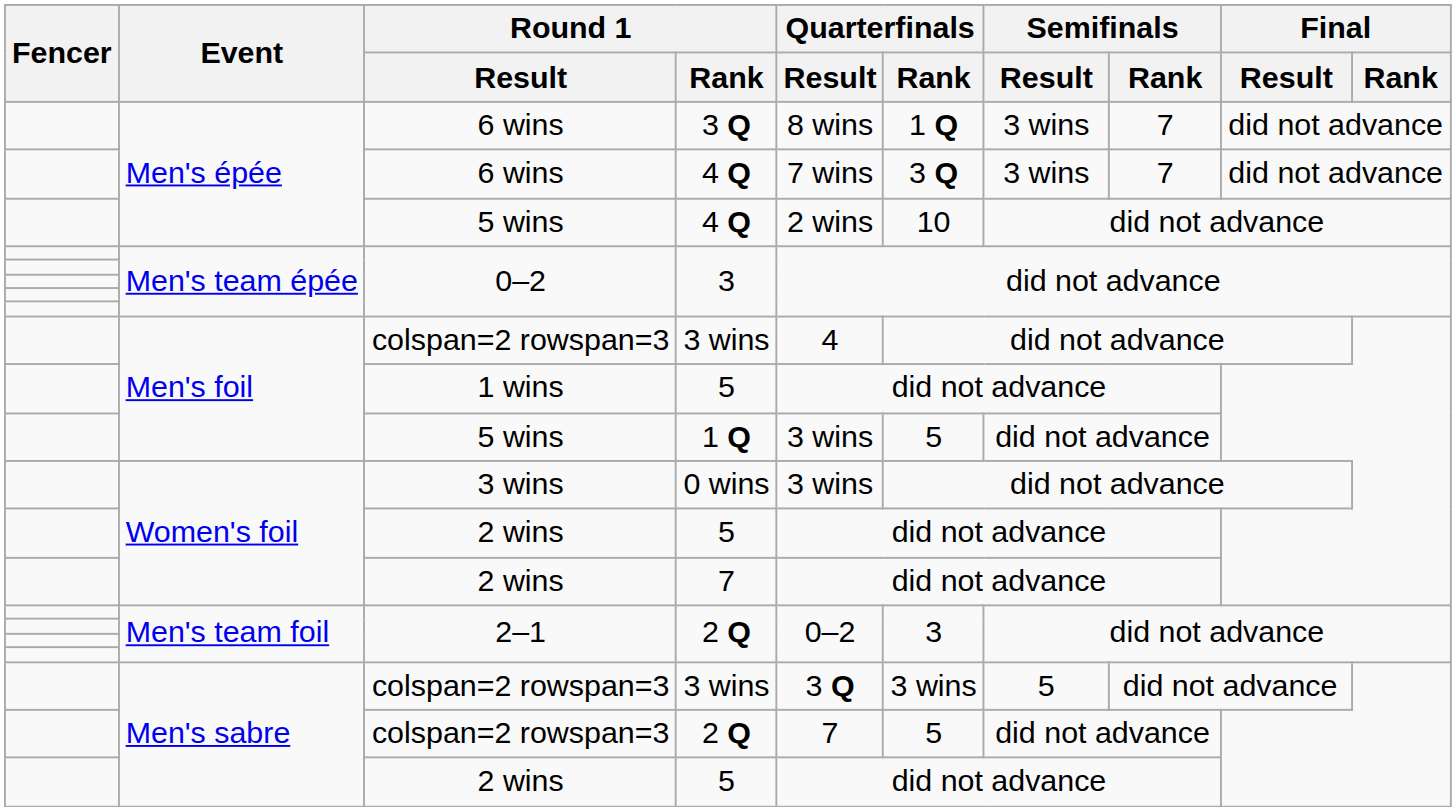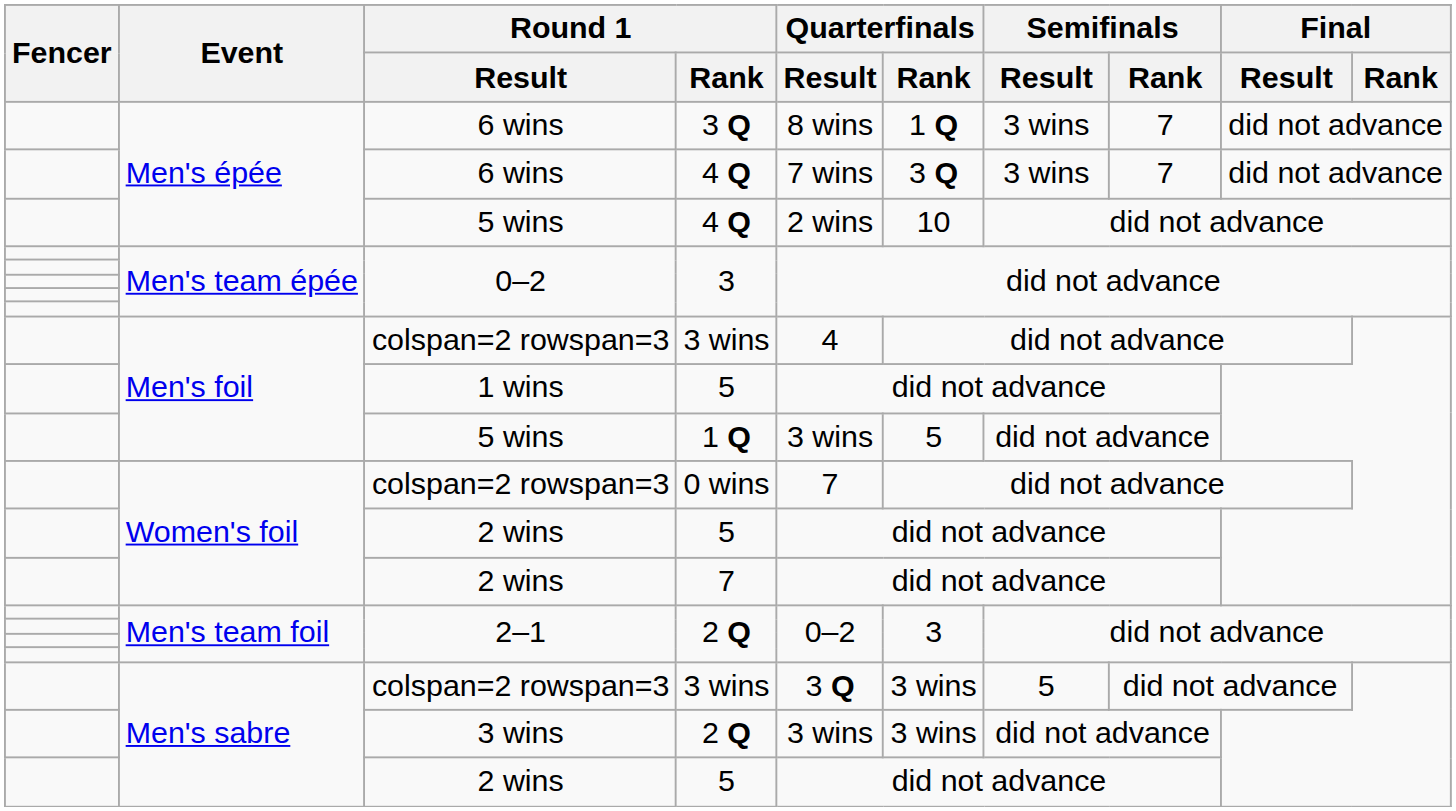 <table class="wikitable sortable" style="text-align:center">
 <tr>
 <th rowspan=2>Fencer</th>
 <th rowspan=2>Event</th>
 <th colspan=2>Round 1</th>
 <th colspan=2>Quarterfinals</th>
 <th colspan=2>Semifinals</th>
 <th colspan=2>Final</th>
 </tr>
 <tr>
 <th>Result</th>
 <th>Rank</th>
 <th>Result</th>
 <th>Rank</th>
 <th>Result</th>
 <th>Rank</th>
 <th>Result</th>
 <th>Rank</th>
 </tr>
 <tr>
 <td align=left></td>
 <td align=left rowspan=3><a href='#'>Men's épée</a></td>
 <td>6 wins</td>
 <td>3 <strong>Q</strong></td>
 <td>8 wins</td>
 <td>1 <strong>Q</strong></td>
 <td>3 wins</td>
 <td>7</td>
 <td colspan=2>did not advance</td>
 </tr>
 <tr>
 <td align=left></td>
 <td>6 wins</td>
 <td>4 <strong>Q</strong></td>
 <td>7 wins</td>
 <td>3 <strong>Q</strong></td>
 <td>3 wins</td>
 <td>7</td>
 <td colspan=2>did not advance</td>
 </tr>
 <tr>
 <td align=left></td>
 <td>5 wins</td>
 <td>4 <strong>Q</strong></td>
 <td>2 wins</td>
 <td>10</td>
 <td colspan=4>did not advance</td>
 </tr>
 <tr>
 <td align=left></td>
 <td align=left rowspan=5><a href='#'>Men's team épée</a></td>
 <td rowspan=5>0–2</td>
 <td rowspan=5>3</td>
 <td colspan=6 rowspan=5>did not advance</td>
 </tr>
 <tr>
 <td align=left></td>
 </tr>
 <tr>
 <td align=left></td>
 </tr>
 <tr>
 <td align=left></td>
 </tr>
 <tr>
 <td align=left></td>
 </tr>
 <tr>
 <td align=left></td>
 <td align=left rowspan=3><a href='#'>Men's foil</a></td>
 <td>colspan=2 rowspan=3 </td>
 <td>3 wins</td>
 <td>4</td>
 <td colspan=4>did not advance</td>
 </tr>
 <tr>
 <td align=left></td>
 <td>1 wins</td>
 <td>5</td>
 <td colspan=4>did not advance</td>
 </tr>
 <tr>
 <td align=left></td>
 <td>5 wins</td>
 <td>1 <strong>Q</strong></td>
 <td>3 wins</td>
 <td>5</td>
 <td colspan=2>did not advance</td>
 </tr>
 <tr>
 <td align=left></td>
 <td align=left rowspan=3><a href='#'>Women's foil</a></td>
-<td>3 wins</td>
+<td>colspan=2 rowspan=3 </td>
 <td>0 wins</td>
-<td>3 wins</td>
+<td>7</td>
 <td colspan=4>did not advance</td>
 </tr>
 <tr>
 <td align=left></td>
 <td>2 wins</td>
 <td>5</td>
 <td colspan=4>did not advance</td>
 </tr>
 <tr>
 <td align=left></td>
 <td>2 wins</td>
 <td>7</td>
 <td colspan=4>did not advance</td>
 </tr>
 <tr>
 <td align=left></td>
 <td align=left rowspan=4><a href='#'>Men's team foil</a></td>
 <td rowspan=4>2–1</td>
 <td rowspan=4>2 <strong>Q</strong></td>
 <td rowspan=4>0–2</td>
 <td rowspan=4>3</td>
 <td colspan=4 rowspan=4>did not advance</td>
 </tr>
 <tr>
 <td align=left></td>
 </tr>
 <tr>
 <td align=left></td>
 </tr>
 <tr>
 <td align=left></td>
 </tr>
 <tr>
 <td align=left></td>
 <td align=left rowspan=3><a href='#'>Men's sabre</a></td>
 <td>colspan=2 rowspan=3 </td>
 <td>3 wins</td>
 <td>3 <strong>Q</strong></td>
 <td>3 wins</td>
 <td>5</td>
 <td colspan=2>did not advance</td>
 </tr>
 <tr>
 <td align=left></td>
-<td>colspan=2 rowspan=3 </td>
+<td>3 wins</td>
 <td>2 <strong>Q</strong></td>
-<td>7</td>
-<td>5</td>
+<td>3 wins</td>
+<td>3 wins</td>
 <td colspan=2>did not advance</td>
 </tr>
 <tr>
 <td align=left></td>
 <td>2 wins</td>
 <td>5</td>
 <td colspan=4>did not advance</td>
 </tr>
 </table>
